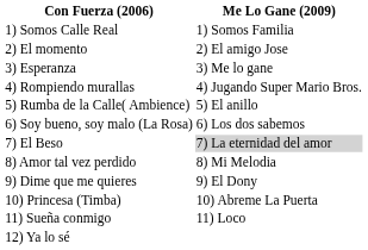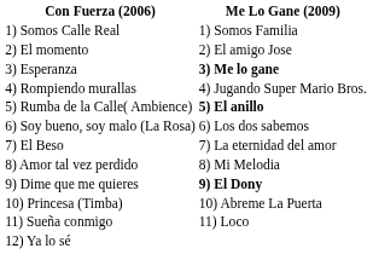 <table>
 <tr>
 <th>Con Fuerza (2006)</th>
 <th>Me Lo Gane (2009)</th>
 </tr>
 <tr>
 <td>1) Somos Calle Real</td>
 <td>1) Somos Familia</td>
 </tr>
 <tr>
 <td>2) El momento</td>
 <td>2) El amigo Jose</td>
 </tr>
 <tr>
 <td>3) Esperanza</td>
-<td>3) Me lo gane</td>
+<td><strong>3) Me lo gane</strong></td>
 </tr>
 <tr>
 <td>4) Rompiendo murallas</td>
 <td>4) Jugando Super Mario Bros.</td>
 </tr>
 <tr>
 <td>5) Rumba de la Calle( Ambience)</td>
-<td>5) El anillo</td>
+<td><strong>5) El anillo</strong></td>
 </tr>
 <tr>
 <td>6) Soy bueno, soy malo (La Rosa)</td>
 <td>6) Los dos sabemos</td>
 </tr>
 <tr>
 <td>7) El Beso</td>
-<td style="background: lightgrey;">7) La eternidad del amor</td>
+<td>7) La eternidad del amor</td>
 </tr>
 <tr>
 <td>8) Amor tal vez perdido</td>
 <td>8) Mi Melodia</td>
 </tr>
 <tr>
 <td>9) Dime que me quieres</td>
-<td>9) El Dony</td>
+<td><strong>9) El Dony</strong></td>
 </tr>
 <tr>
 <td>10) Princesa (Timba)</td>
 <td>10) Abreme La Puerta</td>
 </tr>
 <tr>
 <td>11) Sueña conmigo</td>
 <td>11) Loco</td>
 </tr>
 <tr>
 <td>12) Ya lo sé</td>
 <td></td>
 </tr>
 </table>
